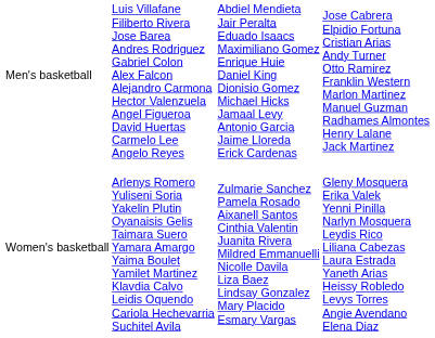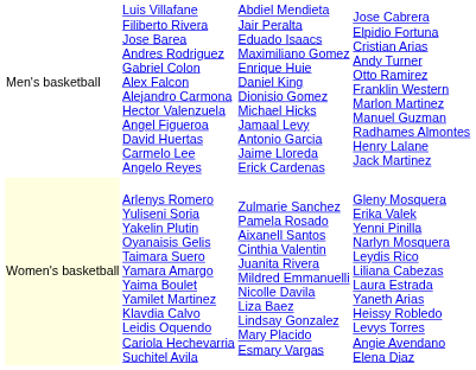 <table>
 <tr>
 <td>Men's basketball</td>
 <td><br><a href='#'>Luis Villafane</a><br><a href='#'>Filiberto Rivera</a><br><a href='#'>Jose Barea</a><br><a href='#'>Andres Rodriguez</a><br><a href='#'>Gabriel Colon</a><br><a href='#'>Alex Falcon</a><br><a href='#'>Alejandro Carmona</a><br><a href='#'>Hector Valenzuela</a><br><a href='#'>Angel Figueroa</a><br><a href='#'>David Huertas</a><br><a href='#'>Carmelo Lee</a><br><a href='#'>Angelo Reyes</a></td>
 <td><br><a href='#'>Abdiel Mendieta</a><br><a href='#'>Jair Peralta</a><br><a href='#'>Eduado Isaacs</a><br><a href='#'>Maximiliano Gomez</a><br><a href='#'>Enrique Huie</a><br><a href='#'>Daniel King</a><br><a href='#'>Dionisio Gomez</a><br><a href='#'>Michael Hicks</a><br><a href='#'>Jamaal Levy</a><br><a href='#'>Antonio Garcia</a><br><a href='#'>Jaime Lloreda</a><br><a href='#'>Erick Cardenas</a></td>
 <td><br><a href='#'>Jose Cabrera</a><br><a href='#'>Elpidio Fortuna</a><br><a href='#'>Cristian Arias</a><br><a href='#'>Andy Turner</a><br><a href='#'>Otto Ramirez</a><br><a href='#'>Franklin Western</a><br><a href='#'>Marlon Martinez</a><br><a href='#'>Manuel Guzman</a><br><a href='#'>Radhames Almontes</a><br><a href='#'>Henry Lalane</a><br><a href='#'>Jack Martinez</a></td>
 </tr>
 <tr>
-<td>Women's basketball</td>
+<td style="background: lightyellow;">Women's basketball</td>
 <td><br><a href='#'>Arlenys Romero</a><br><a href='#'>Yuliseni Soria</a><br><a href='#'>Yakelin Plutin</a><br><a href='#'>Oyanaisis Gelis</a><br><a href='#'>Taimara Suero</a><br><a href='#'>Yamara Amargo</a><br><a href='#'>Yaima Boulet</a><br><a href='#'>Yamilet Martinez</a><br><a href='#'>Klavdia Calvo</a><br><a href='#'>Leidis Oquendo</a><br><a href='#'>Cariola Hechevarria</a><br><a href='#'>Suchitel Avila</a></td>
 <td><br><a href='#'>Zulmarie Sanchez</a><br><a href='#'>Pamela Rosado</a><br><a href='#'>Aixanell Santos</a><br><a href='#'>Cinthia Valentin</a><br><a href='#'>Juanita Rivera</a><br><a href='#'>Mildred Emmanuelli</a><br><a href='#'>Nicolle Davila</a><br><a href='#'>Liza Baez</a><br><a href='#'>Lindsay Gonzalez</a><br><a href='#'>Mary Placido</a><br><a href='#'>Esmary Vargas</a></td>
 <td><br><a href='#'>Gleny Mosquera</a><br><a href='#'>Erika Valek</a><br><a href='#'>Yenni Pinilla</a><br><a href='#'>Narlyn Mosquera</a><br><a href='#'>Leydis Rico</a><br><a href='#'>Liliana Cabezas</a><br><a href='#'>Laura Estrada</a><br><a href='#'>Yaneth Arias</a><br><a href='#'>Heissy Robledo</a><br><a href='#'>Levys Torres</a><br><a href='#'>Angie Avendano</a><br><a href='#'>Elena Diaz</a></td>
 </tr>
 </table>
